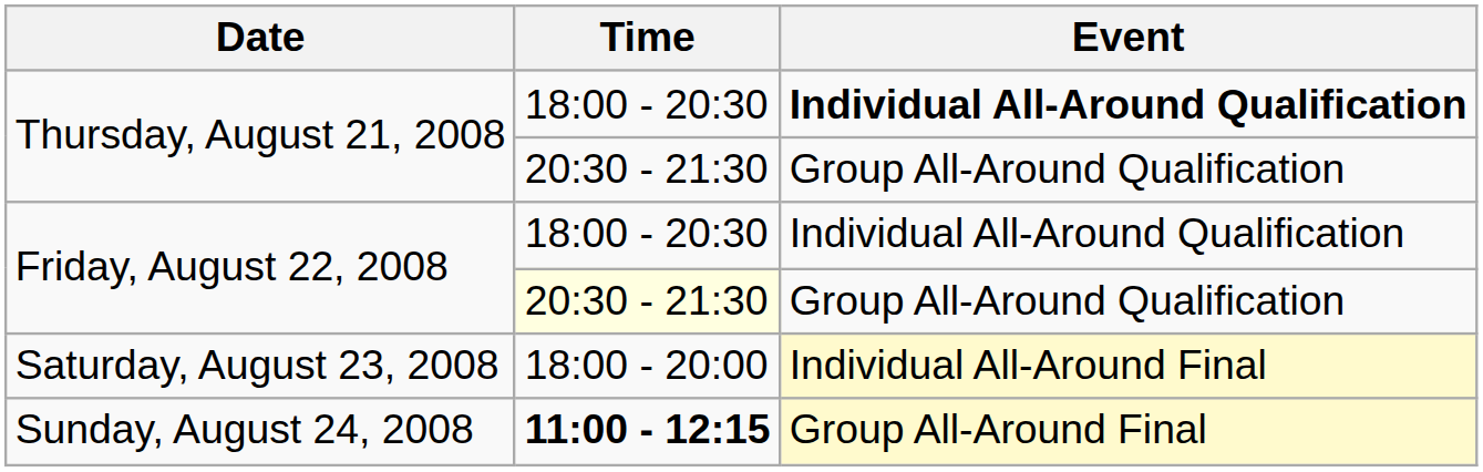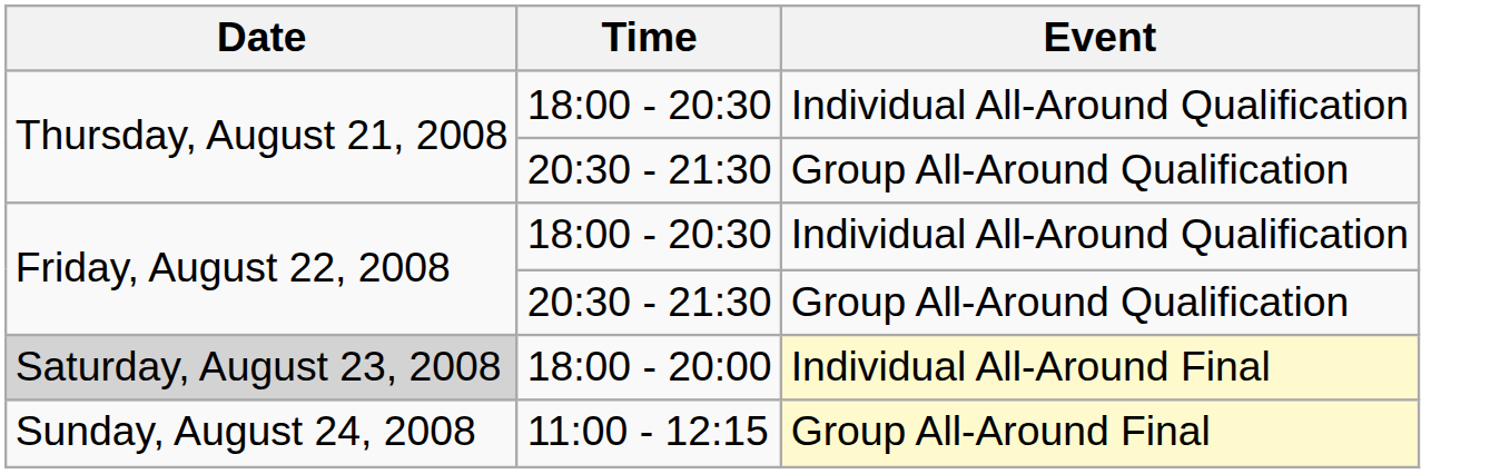 <table class=wikitable>
 <tr>
 <th>Date</th>
 <th>Time</th>
 <th>Event</th>
 </tr>
 <tr>
 <td rowspan=2>Thursday, August 21, 2008</td>
 <td>18:00 - 20:30</td>
-<td><strong>Individual All-Around Qualification</strong></td>
+<td>Individual All-Around Qualification</td>
 </tr>
 <tr>
 <td>20:30 - 21:30</td>
 <td>Group All-Around Qualification</td>
 </tr>
 <tr>
 <td rowspan=2>Friday, August 22, 2008</td>
 <td>18:00 - 20:30</td>
 <td>Individual All-Around Qualification</td>
 </tr>
 <tr>
-<td style="background: lightyellow;">20:30 - 21:30</td>
+<td>20:30 - 21:30</td>
 <td>Group All-Around Qualification</td>
 </tr>
 <tr>
-<td rowspan=1>Saturday, August 23, 2008</td>
+<td rowspan=1 style="background: lightgrey;">Saturday, August 23, 2008</td>
 <td>18:00 - 20:00</td>
 <td style=background:lemonchiffon>Individual All-Around Final</td>
 </tr>
 <tr>
 <td rowspan=1>Sunday, August 24, 2008</td>
-<td><strong>11:00 - 12:15</strong></td>
+<td>11:00 - 12:15</td>
 <td style=background:lemonchiffon>Group All-Around Final</td>
 </tr>
 </table>
